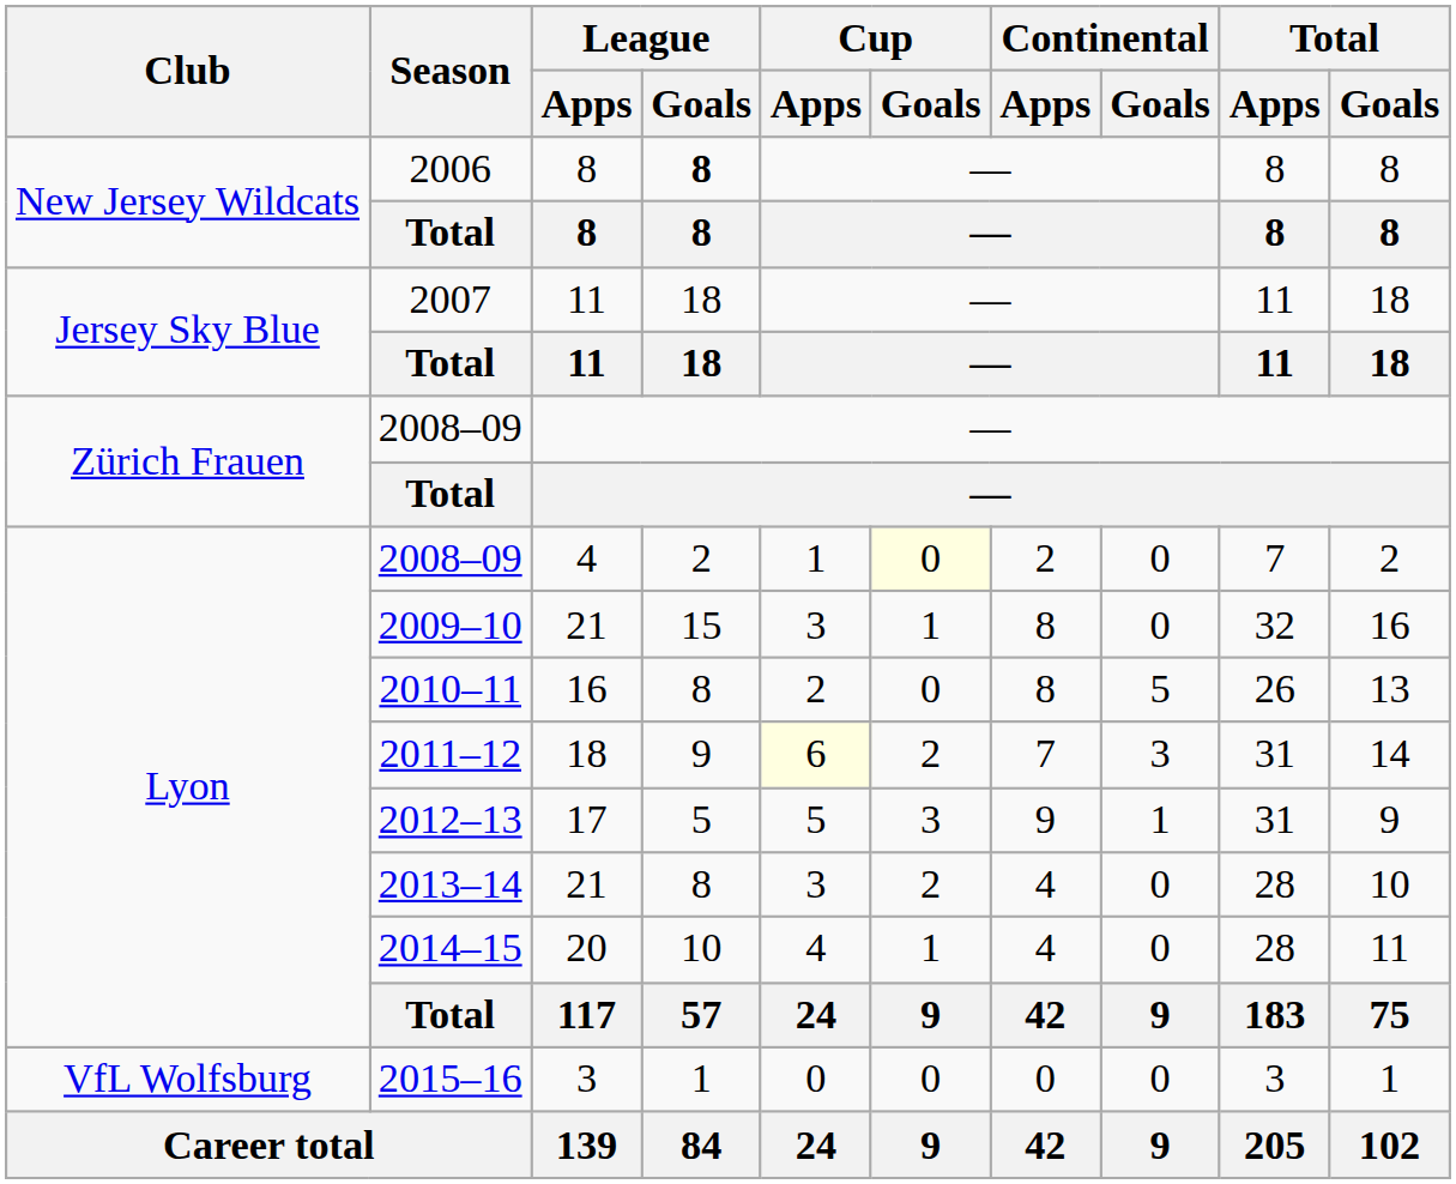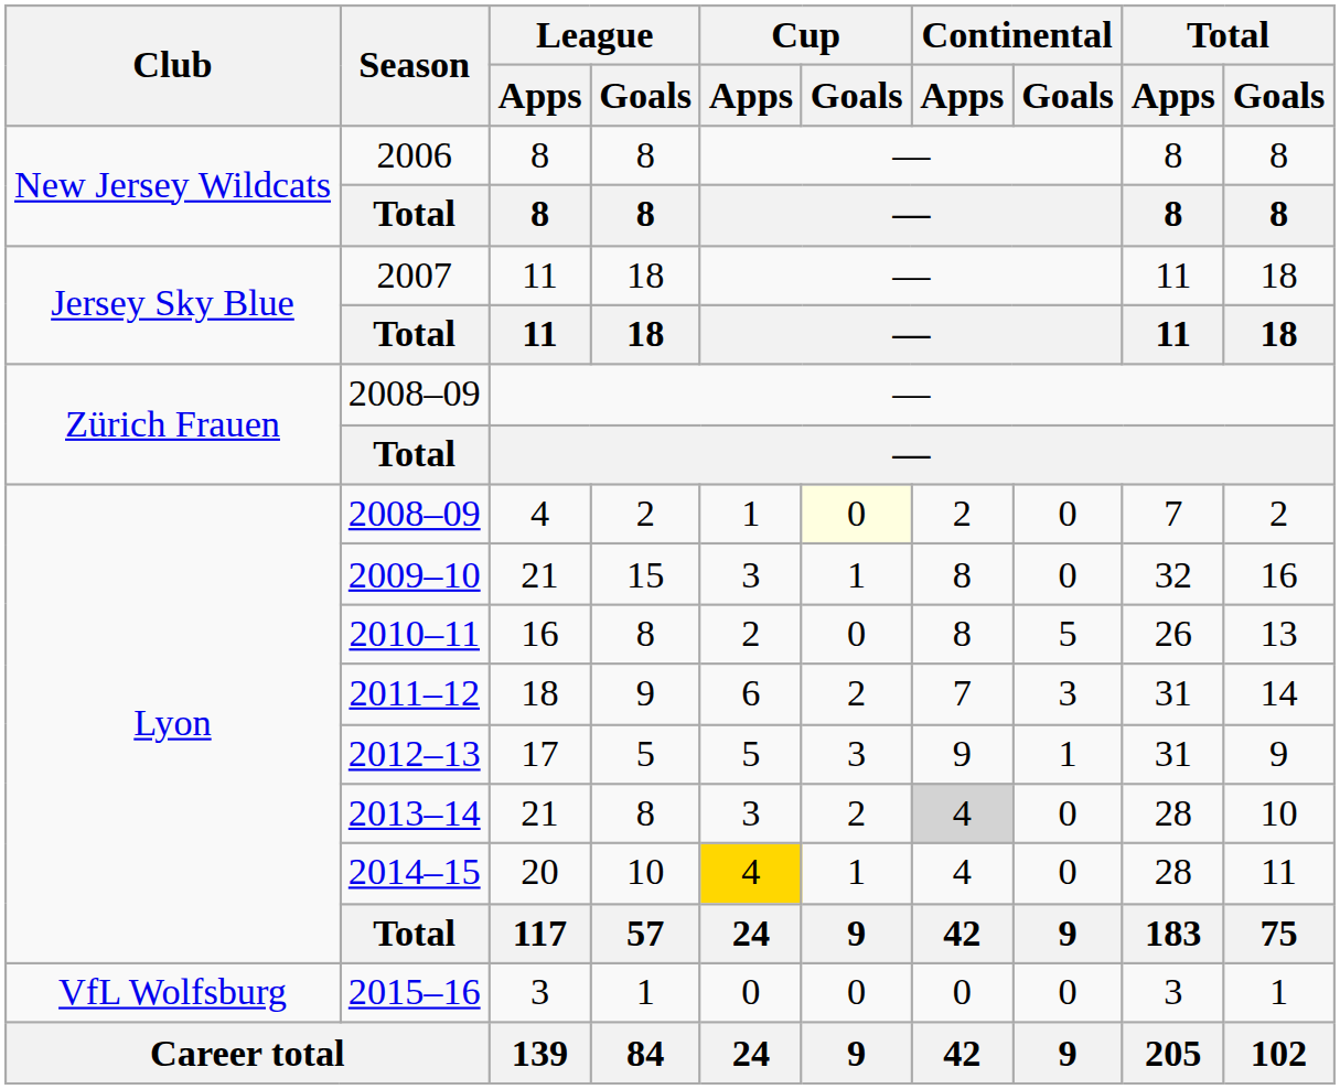 <table class="wikitable" style="text-align: center;">
 <tr>
 <th rowspan="2">Club</th>
 <th rowspan="2">Season</th>
 <th colspan="2">League</th>
 <th colspan="2">Cup</th>
 <th colspan="2">Continental</th>
 <th colspan="2">Total</th>
 </tr>
 <tr>
 <th>Apps</th>
 <th>Goals</th>
 <th>Apps</th>
 <th>Goals</th>
 <th>Apps</th>
 <th>Goals</th>
 <th>Apps</th>
 <th>Goals</th>
 </tr>
 <tr>
 <td rowspan="2" valign="center"><a href='#'>New Jersey Wildcats</a></td>
 <td>2006</td>
 <td>8</td>
-<td><strong>8</strong></td>
+<td>8</td>
 <td colspan=4>—</td>
 <td>8</td>
 <td>8</td>
 </tr>
 <tr>
 <th>Total</th>
 <th>8</th>
 <th>8</th>
 <th colspan=4>—</th>
 <th>8</th>
 <th>8</th>
 </tr>
 <tr>
 <td rowspan="2" valign="center"><a href='#'>Jersey Sky Blue</a></td>
 <td>2007</td>
 <td>11</td>
 <td>18</td>
 <td colspan=4>—</td>
 <td>11</td>
 <td>18</td>
 </tr>
 <tr>
 <th>Total</th>
 <th>11</th>
 <th>18</th>
 <th colspan=4>—</th>
 <th>11</th>
 <th>18</th>
 </tr>
 <tr>
 <td rowspan="2" valign="center"><a href='#'>Zürich Frauen</a></td>
 <td>2008–09</td>
 <td colspan=8>—</td>
 </tr>
 <tr>
 <th>Total</th>
 <th colspan=8>—</th>
 </tr>
 <tr>
 <td rowspan="8" valign="center"><a href='#'>Lyon</a></td>
 <td><a href='#'>2008–09</a></td>
 <td>4</td>
 <td>2</td>
 <td>1</td>
 <td style="background: lightyellow;">0</td>
 <td>2</td>
 <td>0</td>
 <td>7</td>
 <td>2</td>
 </tr>
 <tr>
 <td><a href='#'>2009–10</a></td>
 <td>21</td>
 <td>15</td>
 <td>3</td>
 <td>1</td>
 <td>8</td>
 <td>0</td>
 <td>32</td>
 <td>16</td>
 </tr>
 <tr>
 <td><a href='#'>2010–11</a></td>
 <td>16</td>
 <td>8</td>
 <td>2</td>
 <td>0</td>
 <td>8</td>
 <td>5</td>
 <td>26</td>
 <td>13</td>
 </tr>
 <tr>
 <td><a href='#'>2011–12</a></td>
 <td>18</td>
 <td>9</td>
-<td style="background: lightyellow;">6</td>
+<td>6</td>
 <td>2</td>
 <td>7</td>
 <td>3</td>
 <td>31</td>
 <td>14</td>
 </tr>
 <tr>
 <td><a href='#'>2012–13</a></td>
 <td>17</td>
 <td>5</td>
 <td>5</td>
 <td>3</td>
 <td>9</td>
 <td>1</td>
 <td>31</td>
 <td>9</td>
 </tr>
 <tr>
 <td><a href='#'>2013–14</a></td>
 <td>21</td>
 <td>8</td>
 <td>3</td>
 <td>2</td>
-<td>4</td>
+<td style="background: lightgrey;">4</td>
 <td>0</td>
 <td>28</td>
 <td>10</td>
 </tr>
 <tr>
 <td><a href='#'>2014–15</a></td>
 <td>20</td>
 <td>10</td>
-<td>4</td>
+<td style="background: gold;">4</td>
 <td>1</td>
 <td>4</td>
 <td>0</td>
 <td>28</td>
 <td>11</td>
 </tr>
 <tr>
 <th>Total</th>
 <th>117</th>
 <th>57</th>
 <th>24</th>
 <th>9</th>
 <th>42</th>
 <th>9</th>
 <th>183</th>
 <th>75</th>
 </tr>
 <tr>
 <td rowspan="1" valign="center"><a href='#'>VfL Wolfsburg</a></td>
 <td><a href='#'>2015–16</a></td>
 <td>3</td>
 <td>1</td>
 <td>0</td>
 <td>0</td>
 <td>0</td>
 <td>0</td>
 <td>3</td>
 <td>1</td>
 </tr>
 <tr>
 <th colspan="2">Career total</th>
 <th>139</th>
 <th>84</th>
 <th>24</th>
 <th>9</th>
 <th>42</th>
 <th>9</th>
 <th>205</th>
 <th>102</th>
 </tr>
 </table>
